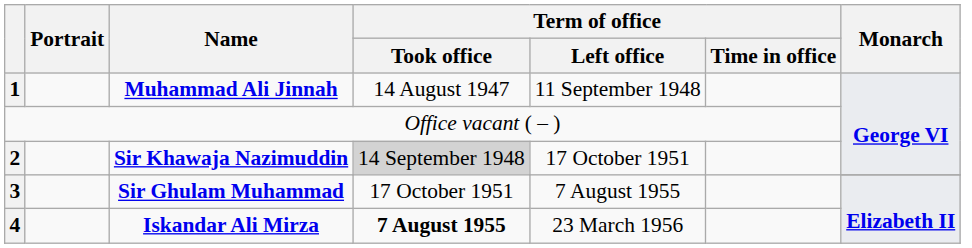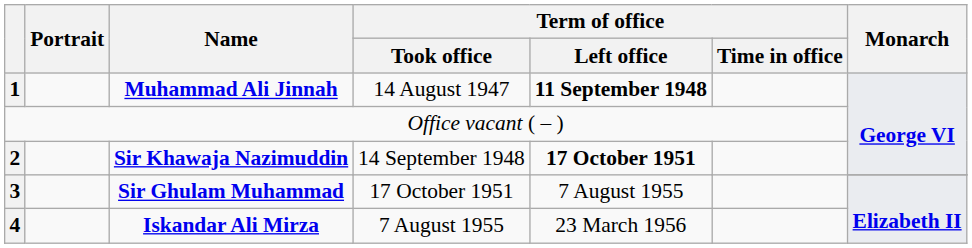 <table class="wikitable" style="text-align:center;">
 <tr>
 <th rowspan="2"></th>
 <th rowspan="2">Portrait</th>
 <th rowspan="2">Name<br></th>
 <th colspan="3">Term of office</th>
 <th rowspan="2">Monarch<br></th>
 </tr>
 <tr>
 <th>Took office</th>
 <th>Left office</th>
 <th>Time in office</th>
 </tr>
 <tr>
 <th>1</th>
 <td></td>
 <td><strong><a href='#'>Muhammad Ali Jinnah</a></strong><br></td>
 <td>14 August 1947</td>
-<td>11 September 1948</td>
+<td><strong>11 September 1948</strong></td>
 <td></td>
 <td rowspan="3" style="background:#eaecf0"><br><strong><a href='#'>George VI</a></strong><br></td>
 </tr>
 <tr>
 <td colspan="10"><em>Office vacant</em> ( – )</td>
 </tr>
 <tr>
 <th>2</th>
 <td></td>
 <td><strong><a href='#'>Sir Khawaja Nazimuddin</a></strong><br></td>
-<td style="background: lightgrey;">14 September 1948</td>
-<td>17 October 1951</td>
+<td>14 September 1948</td>
+<td><strong>17 October 1951</strong></td>
 <td></td>
 </tr>
 <tr>
 <th rowspan="2">3</th>
 <td rowspan="2"></td>
 <td rowspan="2"><strong><a href='#'>Sir Ghulam Muhammad</a></strong><br></td>
 <td rowspan="2">17 October 1951</td>
 <td rowspan="2">7 August 1955</td>
 <td rowspan="2"></td>
 </tr>
 <tr>
 <td rowspan="2" style="background:#eaecf0"><br><strong><a href='#'>Elizabeth II</a></strong><br></td>
 </tr>
 <tr>
 <th>4</th>
 <td></td>
 <td><strong><a href='#'>Iskandar Ali Mirza</a></strong><br></td>
-<td><strong>7 August 1955</strong></td>
+<td>7 August 1955</td>
 <td>23 March 1956</td>
 <td></td>
 </tr>
 </table>
